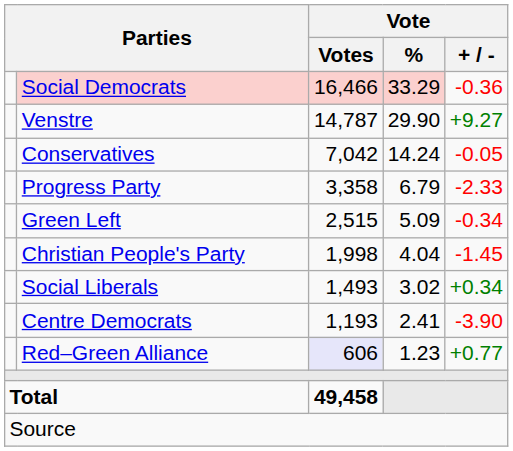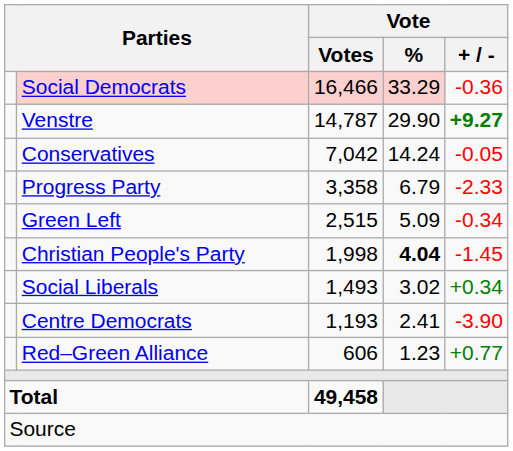 <table class="wikitable" style="text-align:right;">
 <tr>
 <th style="text-align:centre;" rowspan="2" colspan="2" width="225">Parties</th>
 <th colspan="3">Vote</th>
 </tr>
 <tr>
 <th width="15">Votes</th>
 <th width="15">%</th>
 <th width="15">+ / -</th>
 </tr>
 <tr>
 <td width="2" style="color:inherit;background:"></td>
 <td bgcolor=#fbd0ce  align="left"><a href='#'>Social Democrats</a></td>
 <td bgcolor=#fbd0ce>16,466</td>
 <td bgcolor=#fbd0ce>33.29</td>
 <td style=color:red;>-0.36</td>
 </tr>
 <tr>
 <td width="2" style="color:inherit;background:"></td>
 <td align="left"><a href='#'>Venstre</a></td>
 <td>14,787</td>
 <td>29.90</td>
-<td style=color:green;>+9.27</td>
+<td style=color:green;><strong>+9.27</strong></td>
 </tr>
 <tr>
 <td width="2" style="color:inherit;background:"></td>
 <td align="left"><a href='#'>Conservatives</a></td>
 <td>7,042</td>
 <td>14.24</td>
 <td style=color:red;>-0.05</td>
 </tr>
 <tr>
 <td width="2" style="color:inherit;background:"></td>
 <td align="left"><a href='#'>Progress Party</a></td>
 <td>3,358</td>
 <td>6.79</td>
 <td style=color:red;>-2.33</td>
 </tr>
 <tr>
 <td width="2" style="color:inherit;background:"></td>
 <td align="left"><a href='#'>Green Left</a></td>
 <td>2,515</td>
 <td>5.09</td>
 <td style=color:red;>-0.34</td>
 </tr>
 <tr>
 <td width="2" style="color:inherit;background:"></td>
 <td align="left"><a href='#'>Christian People's Party</a></td>
 <td>1,998</td>
-<td>4.04</td>
+<td><strong>4.04</strong></td>
 <td style=color:red;>-1.45</td>
 </tr>
 <tr>
 <td width="2" style="color:inherit;background:"></td>
 <td align="left"><a href='#'>Social Liberals</a></td>
 <td>1,493</td>
 <td>3.02</td>
 <td style=color:green;>+0.34</td>
 </tr>
 <tr>
 <td width="2" style="color:inherit;background:"></td>
 <td align="left"><a href='#'>Centre Democrats</a></td>
 <td>1,193</td>
 <td>2.41</td>
 <td style=color:red;>-3.90</td>
 </tr>
 <tr>
 <td width="2" style="color:inherit;background:"></td>
 <td align="left"><a href='#'>Red–Green Alliance</a></td>
-<td style="background: lavender;">606</td>
+<td>606</td>
 <td>1.23</td>
 <td style=color:green;>+0.77</td>
 </tr>
 <tr>
 <td colspan="7" bgcolor="#E9E9E9"></td>
 </tr>
 <tr>
 <td align="left" colspan="2"><strong>Total</strong></td>
 <td><strong>49,458</strong></td>
 <td bgcolor="#E9E9E9" colspan="2"></td>
 </tr>
 <tr>
 <td align="left" colspan="6">Source</td>
 </tr>
 </table>
